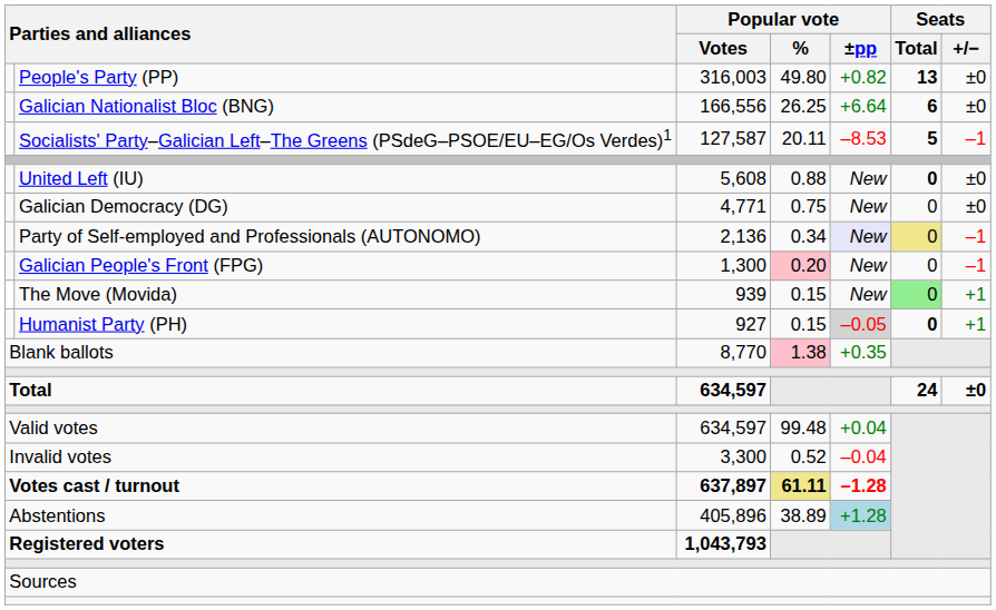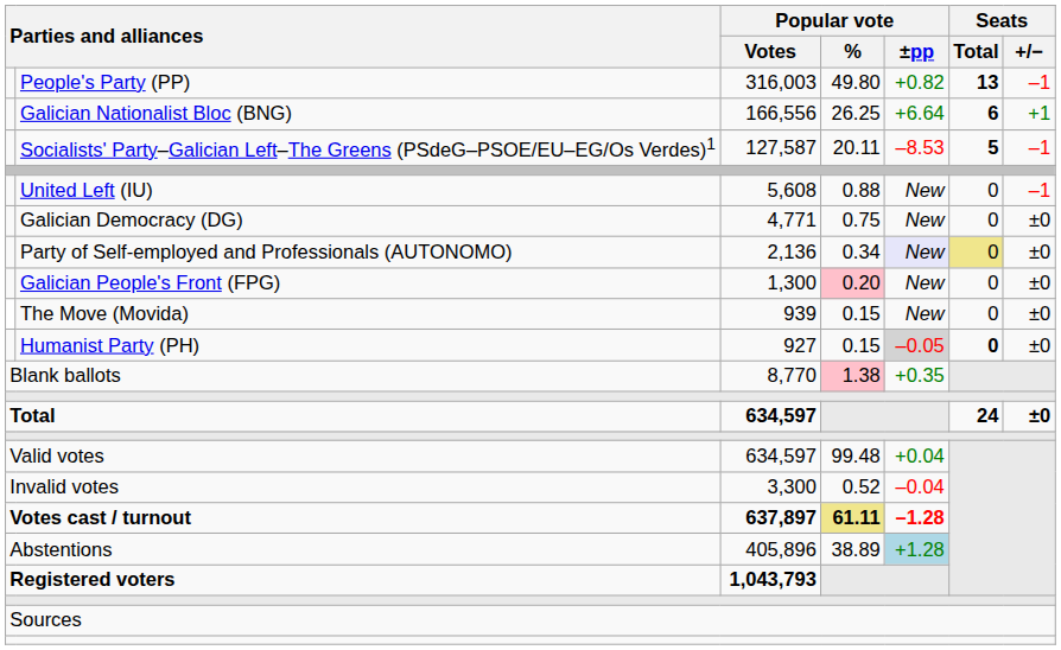 <table class="wikitable" style="text-align:right;">
 <tr>
 <th style="text-align:left;" rowspan="2" colspan="2" width="525">Parties and alliances</th>
 <th colspan="3">Popular vote</th>
 <th colspan="2">Seats</th>
 </tr>
 <tr>
 <th width="75">Votes</th>
 <th width="45">%</th>
 <th width="45">±<a href='#'>pp</a></th>
 <th width="35">Total</th>
 <th width="35">+/−</th>
 </tr>
 <tr>
 <td width="1" style="color:inherit;background:"></td>
 <td align="left"><a href='#'>People's Party</a> (PP)</td>
 <td>316,003</td>
 <td>49.80</td>
 <td style="color:green;">+0.82</td>
 <td><strong>13</strong></td>
-<td>±0</td>
+<td style="color:red;">–1</td>
 </tr>
 <tr>
 <td style="color:inherit;background:"></td>
 <td align="left"><a href='#'>Galician Nationalist Bloc</a> (BNG)</td>
 <td>166,556</td>
 <td>26.25</td>
 <td style="color:green;">+6.64</td>
 <td><strong>6</strong></td>
-<td>±0</td>
+<td style="color:green;">+1</td>
 </tr>
 <tr>
 <td style="color:inherit;background:"></td>
 <td align="left"><a href='#'>Socialists' Party</a>–<a href='#'>Galician Left</a>–<a href='#'>The Greens</a> (PSdeG–PSOE/EU–EG/Os Verdes)<sup>1</sup></td>
 <td>127,587</td>
 <td>20.11</td>
 <td style="color:red;">–8.53</td>
 <td><strong>5</strong></td>
 <td style="color:red;">–1</td>
 </tr>
 <tr>
 <td colspan="7" bgcolor="#C0C0C0"></td>
 </tr>
 <tr>
 <td style="color:inherit;background:"></td>
 <td align="left"><a href='#'>United Left</a> (IU)</td>
 <td>5,608</td>
 <td>0.88</td>
 <td><em>New</em></td>
-<td><strong>0</strong></td>
-<td>±0</td>
+<td>0</td>
+<td style="color:red;">–1</td>
 </tr>
 <tr>
 <td style="color:inherit;background:"></td>
 <td align="left">Galician Democracy (DG)</td>
 <td>4,771</td>
 <td>0.75</td>
 <td><em>New</em></td>
 <td>0</td>
 <td>±0</td>
 </tr>
 <tr>
 <td style="color:inherit;background:"></td>
 <td align="left">Party of Self-employed and Professionals (AUTONOMO)</td>
 <td>2,136</td>
 <td>0.34</td>
 <td style="background: lavender;"><em>New</em></td>
 <td style="background: khaki;">0</td>
-<td style="color:red;">–1</td>
+<td>±0</td>
 </tr>
 <tr>
 <td style="color:inherit;background:"></td>
 <td align="left"><a href='#'>Galician People's Front</a> (FPG)</td>
 <td>1,300</td>
 <td style="background: pink;">0.20</td>
 <td><em>New</em></td>
 <td>0</td>
-<td style="color:red;">–1</td>
+<td>±0</td>
 </tr>
 <tr>
 <td bgcolor="white"></td>
 <td align="left">The Move (Movida)</td>
 <td>939</td>
 <td>0.15</td>
 <td><em>New</em></td>
-<td style="background: lightgreen;">0</td>
-<td style="color:green;">+1</td>
+<td>0</td>
+<td>±0</td>
 </tr>
 <tr>
 <td style="color:inherit;background:"></td>
 <td align="left"><a href='#'>Humanist Party</a> (PH)</td>
 <td>927</td>
 <td>0.15</td>
 <td style="background: lightgrey; color:red;">–0.05</td>
 <td><strong>0</strong></td>
-<td style="color:green;">+1</td>
+<td>±0</td>
 </tr>
 <tr>
 <td align="left" colspan="2">Blank ballots</td>
 <td>8,770</td>
 <td style="background: pink;">1.38</td>
 <td style="color:green;">+0.35</td>
 <td bgcolor="#E9E9E9" colspan="2"></td>
 </tr>
 <tr>
 <td colspan="7" bgcolor="#E9E9E9"></td>
 </tr>
 <tr style="font-weight:bold;">
 <td align="left" colspan="2">Total</td>
 <td>634,597</td>
 <td bgcolor="#E9E9E9" colspan="2"></td>
 <td>24</td>
 <td>±0</td>
 </tr>
 <tr>
 <td colspan="7" bgcolor="#E9E9E9"></td>
 </tr>
 <tr>
 <td align="left" colspan="2">Valid votes</td>
 <td>634,597</td>
 <td>99.48</td>
 <td style="color:green;">+0.04</td>
 <td bgcolor="#E9E9E9" colspan="7" rowspan="5"></td>
 </tr>
 <tr>
 <td align="left" colspan="2">Invalid votes</td>
 <td>3,300</td>
 <td>0.52</td>
 <td style="color:red;">–0.04</td>
 </tr>
 <tr style="font-weight:bold;">
 <td align="left" colspan="2">Votes cast / turnout</td>
 <td>637,897</td>
 <td style="background: khaki;">61.11</td>
 <td style="color:red;">–1.28</td>
 </tr>
 <tr>
 <td align="left" colspan="2">Abstentions</td>
 <td>405,896</td>
 <td>38.89</td>
 <td style="background: lightblue; color:green;">+1.28</td>
 </tr>
 <tr style="font-weight:bold;">
 <td align="left" colspan="2">Registered voters</td>
 <td>1,043,793</td>
 <td bgcolor="#E9E9E9" colspan="2"></td>
 </tr>
 <tr>
 <td colspan="7" bgcolor="#E9E9E9"></td>
 </tr>
 <tr>
 <td align="left" colspan="7">Sources</td>
 </tr>
 <tr>
 <td colspan="7" style="text-align:left; max-width:790px;"></td>
 </tr>
 </table>
